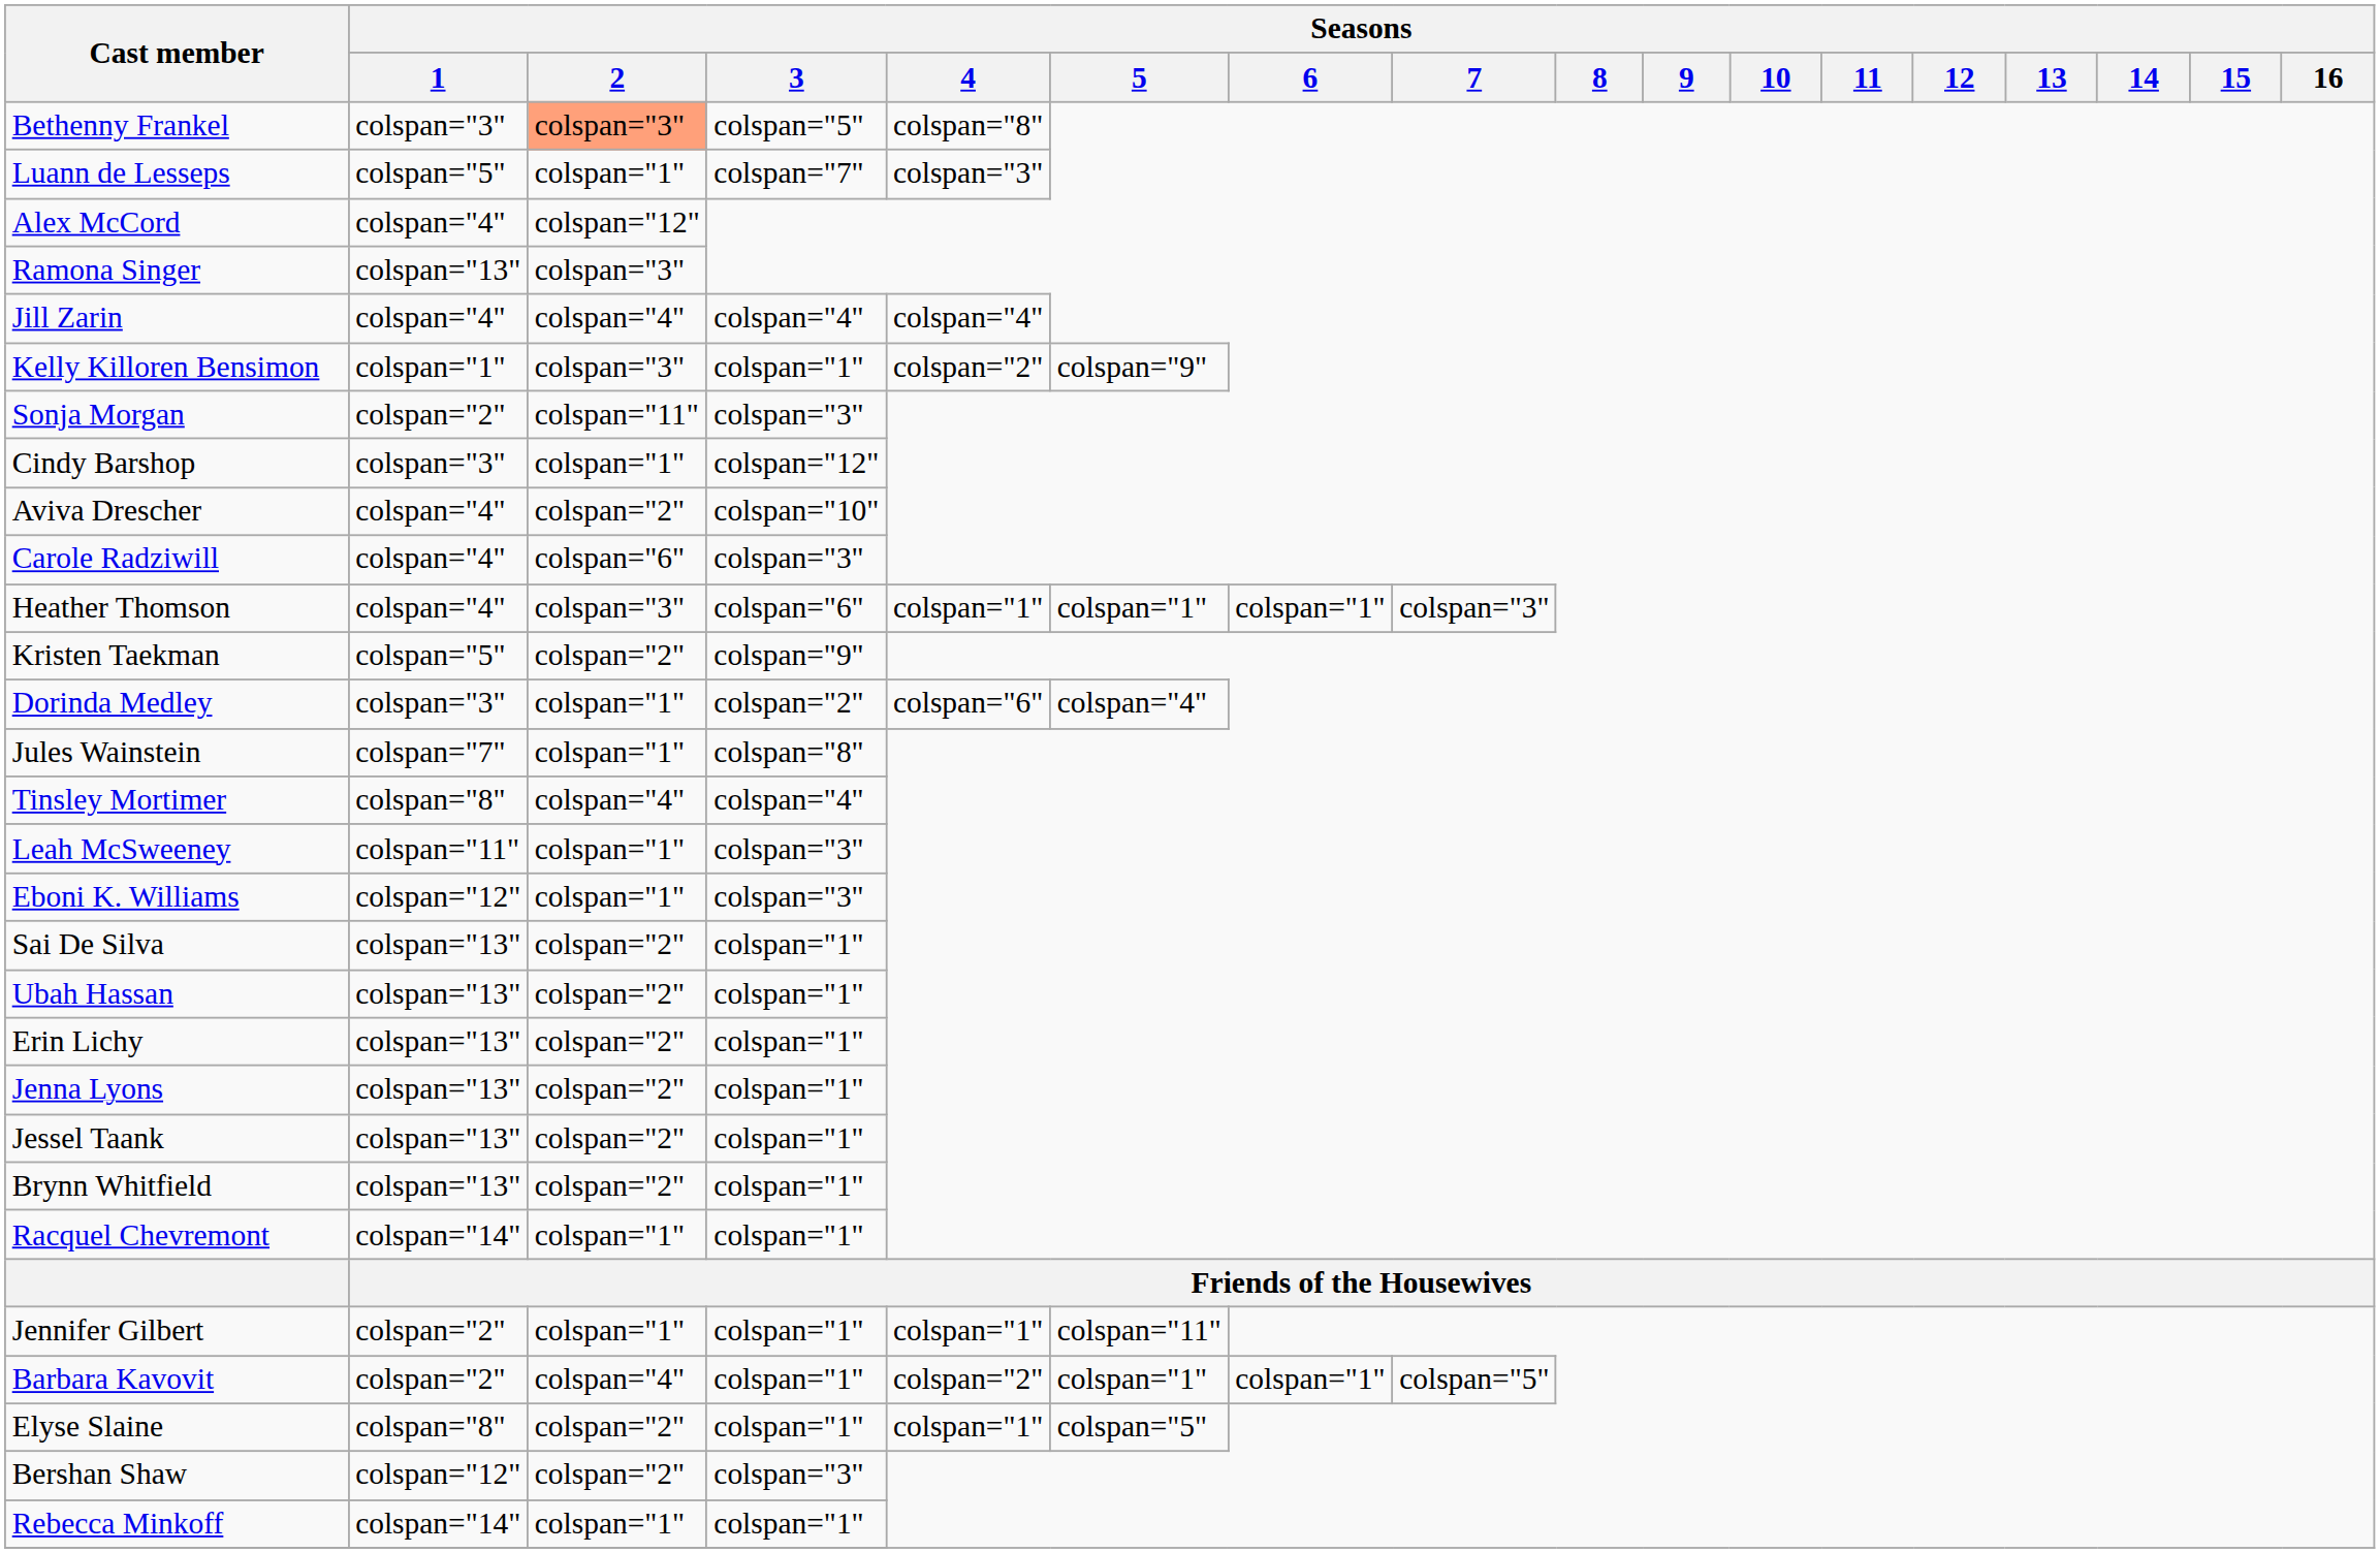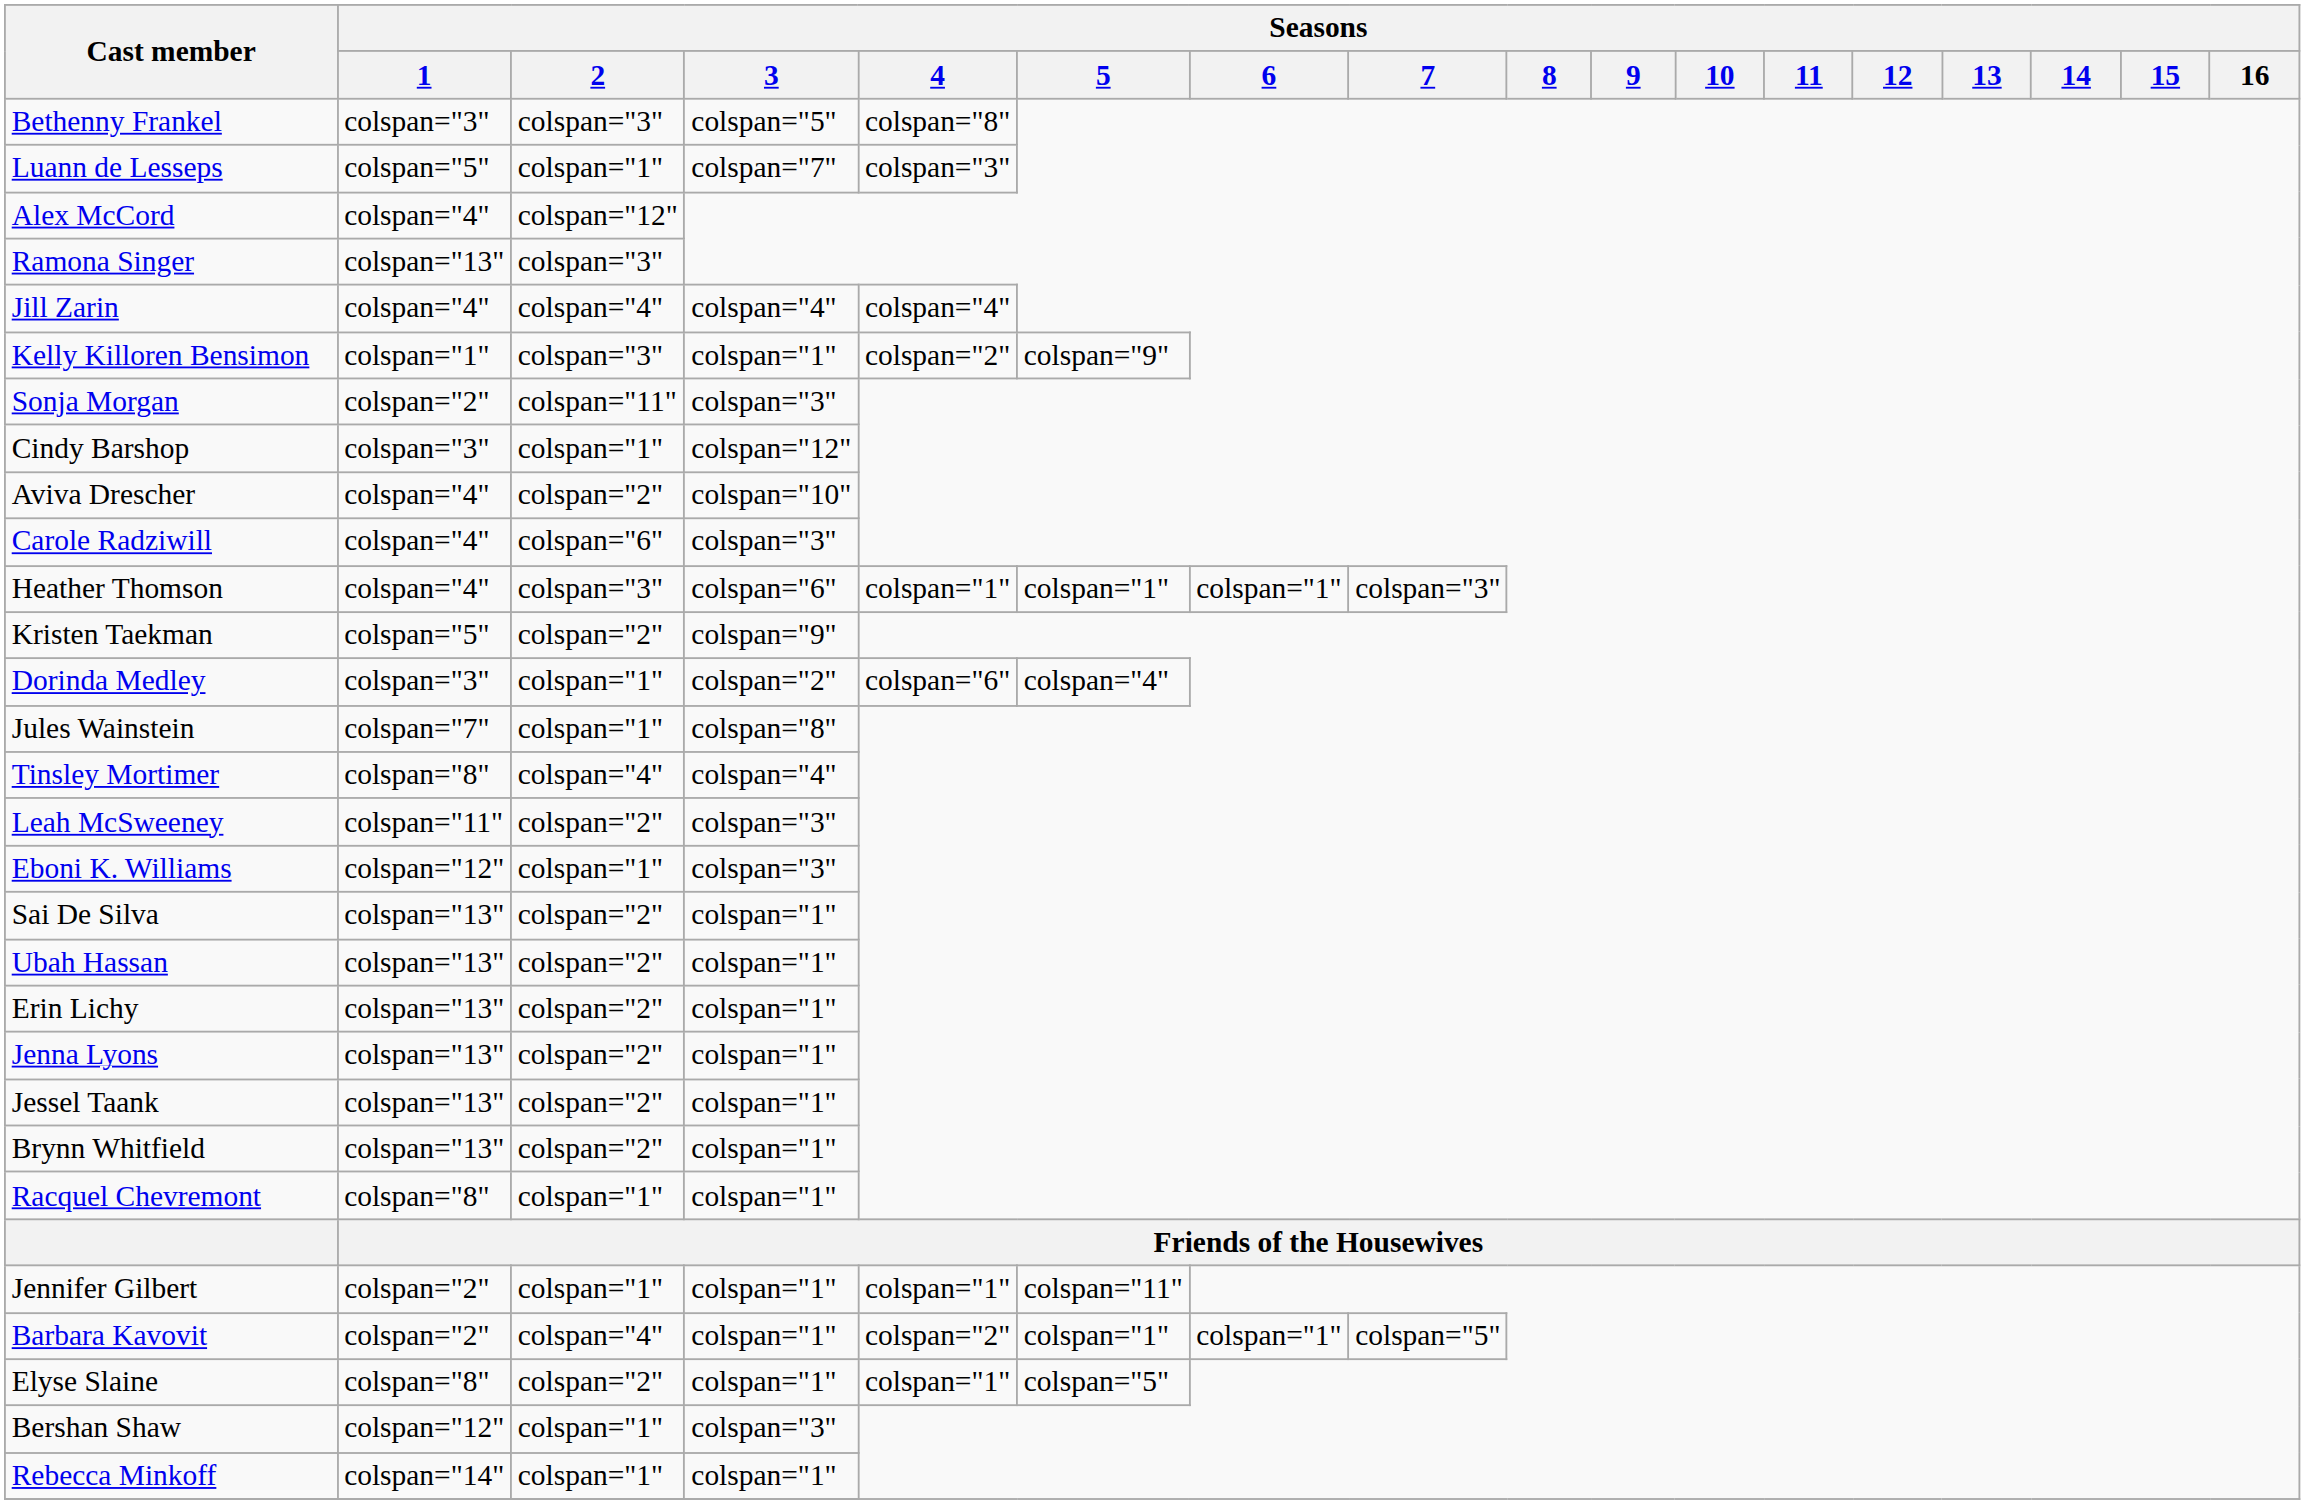 <table class="wikitable plainrowheaders">
 <tr>
 <th rowspan="2" style="width:15%">Cast member</th>
 <th colspan="16">Seasons</th>
 </tr>
 <tr>
 <th style="width:5%"><a href='#'>1</a></th>
 <th style="width:5%"><a href='#'>2</a></th>
 <th style="width:5%"><a href='#'>3</a></th>
 <th style="width:5%"><a href='#'>4</a></th>
 <th style="width:5%"><a href='#'>5</a></th>
 <th style="width:5%"><a href='#'>6</a></th>
 <th style="width:5%"><a href='#'>7</a></th>
 <th style="width:5%"><a href='#'>8</a></th>
 <th style="width:5%"><a href='#'>9</a></th>
 <th style="width:5%"><a href='#'>10</a></th>
 <th style="width:5%"><a href='#'>11</a></th>
 <th style="width:5%"><a href='#'>12</a></th>
 <th style="width:5%"><a href='#'>13</a></th>
 <th style="width:5%;"><a href='#'>14</a></th>
 <th style="width:5%;"><a href='#'>15</a></th>
 <th style="width:5%">16</th>
 </tr>
 <tr>
 <td><a href='#'>Bethenny Frankel</a></td>
 <td>colspan="3" </td>
-<td style="background: lightsalmon;">colspan="3" </td>
+<td>colspan="3" </td>
 <td>colspan="5" </td>
 <td>colspan="8" </td>
 </tr>
 <tr>
 <td><a href='#'>Luann de Lesseps</a></td>
 <td>colspan="5" </td>
 <td>colspan="1" </td>
 <td>colspan="7" </td>
 <td>colspan="3" </td>
 </tr>
 <tr>
 <td><a href='#'>Alex McCord</a></td>
 <td>colspan="4" </td>
 <td>colspan="12" </td>
 </tr>
 <tr>
 <td><a href='#'>Ramona Singer</a></td>
 <td>colspan="13" </td>
 <td>colspan="3" </td>
 </tr>
 <tr>
 <td><a href='#'>Jill Zarin</a></td>
 <td>colspan="4" </td>
 <td>colspan="4" </td>
 <td>colspan="4" </td>
 <td>colspan="4" </td>
 </tr>
 <tr>
 <td nowrap><a href='#'>Kelly Killoren Bensimon</a></td>
 <td>colspan="1" </td>
 <td>colspan="3" </td>
 <td>colspan="1" </td>
 <td>colspan="2" </td>
 <td>colspan="9" </td>
 </tr>
 <tr>
 <td><a href='#'>Sonja Morgan</a></td>
 <td>colspan="2" </td>
 <td>colspan="11"</td>
 <td>colspan="3" </td>
 </tr>
 <tr>
 <td>Cindy Barshop</td>
 <td>colspan="3" </td>
 <td>colspan="1" </td>
 <td>colspan="12" </td>
 </tr>
 <tr>
 <td>Aviva Drescher</td>
 <td>colspan="4" </td>
 <td>colspan="2" </td>
 <td>colspan="10" </td>
 </tr>
 <tr>
 <td><a href='#'>Carole Radziwill</a></td>
 <td>colspan="4" </td>
 <td>colspan="6" </td>
 <td>colspan="3" </td>
 </tr>
 <tr>
 <td>Heather Thomson</td>
 <td>colspan="4" </td>
 <td>colspan="3" </td>
 <td>colspan="6" </td>
 <td>colspan="1" </td>
 <td>colspan="1" </td>
 <td>colspan="1" </td>
 <td>colspan="3" </td>
 </tr>
 <tr>
 <td>Kristen Taekman</td>
 <td>colspan="5" </td>
 <td>colspan="2" </td>
 <td>colspan="9" </td>
 </tr>
 <tr>
 <td><a href='#'>Dorinda Medley</a></td>
 <td>colspan="3" </td>
 <td>colspan="1" </td>
 <td>colspan="2" </td>
 <td>colspan="6" </td>
 <td>colspan="4" </td>
 </tr>
 <tr>
 <td>Jules Wainstein</td>
 <td>colspan="7" </td>
 <td>colspan="1" </td>
 <td>colspan="8" </td>
 </tr>
 <tr>
 <td><a href='#'>Tinsley Mortimer</a></td>
 <td>colspan="8" </td>
 <td>colspan="4" </td>
 <td>colspan="4" </td>
 </tr>
 <tr>
 <td><a href='#'>Leah McSweeney</a></td>
 <td>colspan="11" </td>
-<td>colspan="1" </td>
+<td>colspan="2" </td>
 <td>colspan="3" </td>
 </tr>
 <tr>
 <td><a href='#'>Eboni K. Williams</a></td>
 <td>colspan="12" </td>
 <td>colspan="1" </td>
 <td>colspan="3" </td>
 </tr>
 <tr>
 <td>Sai De Silva</td>
 <td>colspan="13" </td>
 <td>colspan="2" </td>
 <td>colspan="1" </td>
 </tr>
 <tr>
 <td><a href='#'>Ubah Hassan</a></td>
 <td>colspan="13" </td>
 <td>colspan="2" </td>
 <td>colspan="1" </td>
 </tr>
 <tr>
 <td>Erin Lichy</td>
 <td>colspan="13" </td>
 <td>colspan="2" </td>
 <td>colspan="1" </td>
 </tr>
 <tr>
 <td><a href='#'>Jenna Lyons</a></td>
 <td>colspan="13" </td>
 <td>colspan="2" </td>
 <td>colspan="1" </td>
 </tr>
 <tr>
 <td>Jessel Taank</td>
 <td>colspan="13" </td>
 <td>colspan="2" </td>
 <td>colspan="1" </td>
 </tr>
 <tr>
 <td>Brynn Whitfield</td>
 <td>colspan="13" </td>
 <td>colspan="2" </td>
 <td>colspan="1" </td>
 </tr>
 <tr>
 <td nowrap><a href='#'>Racquel Chevremont</a></td>
-<td>colspan="14" </td>
+<td>colspan="8" </td>
 <td>colspan="1" </td>
 <td>colspan="1" </td>
 </tr>
 <tr>
 <th rowspan="1" style="width:15%"></th>
 <th colspan="17">Friends of the Housewives</th>
 </tr>
 <tr>
 <td>Jennifer Gilbert</td>
 <td>colspan="2" </td>
 <td>colspan="1" </td>
 <td>colspan="1" </td>
 <td>colspan="1"  </td>
 <td>colspan="11" </td>
 </tr>
 <tr>
 <td><a href='#'>Barbara Kavovit</a></td>
 <td>colspan="2" </td>
 <td>colspan="4" </td>
 <td>colspan="1" </td>
 <td>colspan="2" </td>
 <td>colspan="1" </td>
 <td>colspan="1" </td>
 <td>colspan="5" </td>
 </tr>
 <tr>
 <td>Elyse Slaine </td>
 <td>colspan="8" </td>
 <td>colspan="2" </td>
 <td>colspan="1" </td>
 <td>colspan="1" </td>
 <td>colspan="5" </td>
 </tr>
 <tr>
 <td>Bershan Shaw</td>
 <td>colspan="12" </td>
-<td>colspan="2" </td>
+<td>colspan="1" </td>
 <td>colspan="3" </td>
 </tr>
 <tr>
 <td><a href='#'>Rebecca Minkoff</a></td>
 <td>colspan="14" </td>
 <td>colspan="1" </td>
 <td>colspan="1" </td>
 </tr>
 <tr>
 </tr>
 </table>
